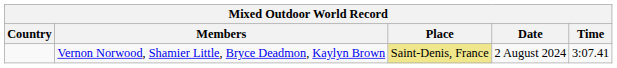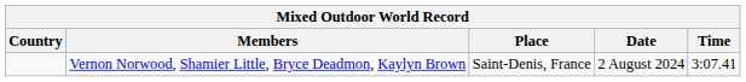 <table class="wikitable">
 <tr>
 <th colspan="5">Mixed Outdoor World Record</th>
 </tr>
 <tr>
 <th>Country</th>
 <th>Members</th>
 <th>Place</th>
 <th>Date</th>
 <th>Time</th>
 </tr>
 <tr>
 <td></td>
 <td><a href='#'>Vernon Norwood</a>, <a href='#'>Shamier Little</a>, <a href='#'>Bryce Deadmon</a>, <a href='#'>Kaylyn Brown</a></td>
-<td style="background: khaki;">Saint-Denis, France</td>
+<td>Saint-Denis, France</td>
 <td>2 August 2024</td>
 <td>3:07.41</td>
 </tr>
 </table>
